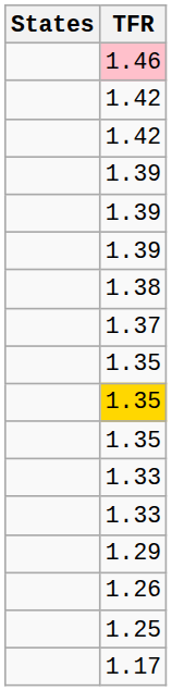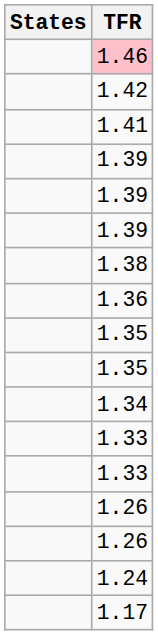 <table class="wikitable sortable">
 <tr>
 <th>States</th>
 <th>TFR</th>
 </tr>
 <tr>
 <td></td>
 <td style="background: pink;">1.46</td>
 </tr>
 <tr>
 <td></td>
 <td>1.42</td>
 </tr>
 <tr>
 <td></td>
-<td>1.42</td>
+<td>1.41</td>
 </tr>
 <tr>
 <td></td>
 <td>1.39</td>
 </tr>
 <tr>
 <td></td>
 <td>1.39</td>
 </tr>
 <tr>
 <td></td>
 <td>1.39</td>
 </tr>
 <tr>
 <td></td>
 <td>1.38</td>
 </tr>
 <tr>
 <td></td>
-<td>1.37</td>
+<td>1.36</td>
 </tr>
 <tr>
 <td><strong></strong></td>
 <td>1.35</td>
 </tr>
 <tr>
 <td></td>
-<td style="background: gold;">1.35</td>
+<td>1.35</td>
 </tr>
 <tr>
 <td></td>
-<td>1.35</td>
+<td>1.34</td>
 </tr>
 <tr>
 <td></td>
 <td>1.33</td>
 </tr>
 <tr>
 <td></td>
 <td>1.33</td>
 </tr>
 <tr>
 <td></td>
-<td>1.29</td>
+<td>1.26</td>
 </tr>
 <tr>
 <td></td>
 <td>1.26</td>
 </tr>
 <tr>
 <td></td>
-<td>1.25</td>
+<td>1.24</td>
 </tr>
 <tr>
 <td></td>
 <td>1.17</td>
 </tr>
 </table>
